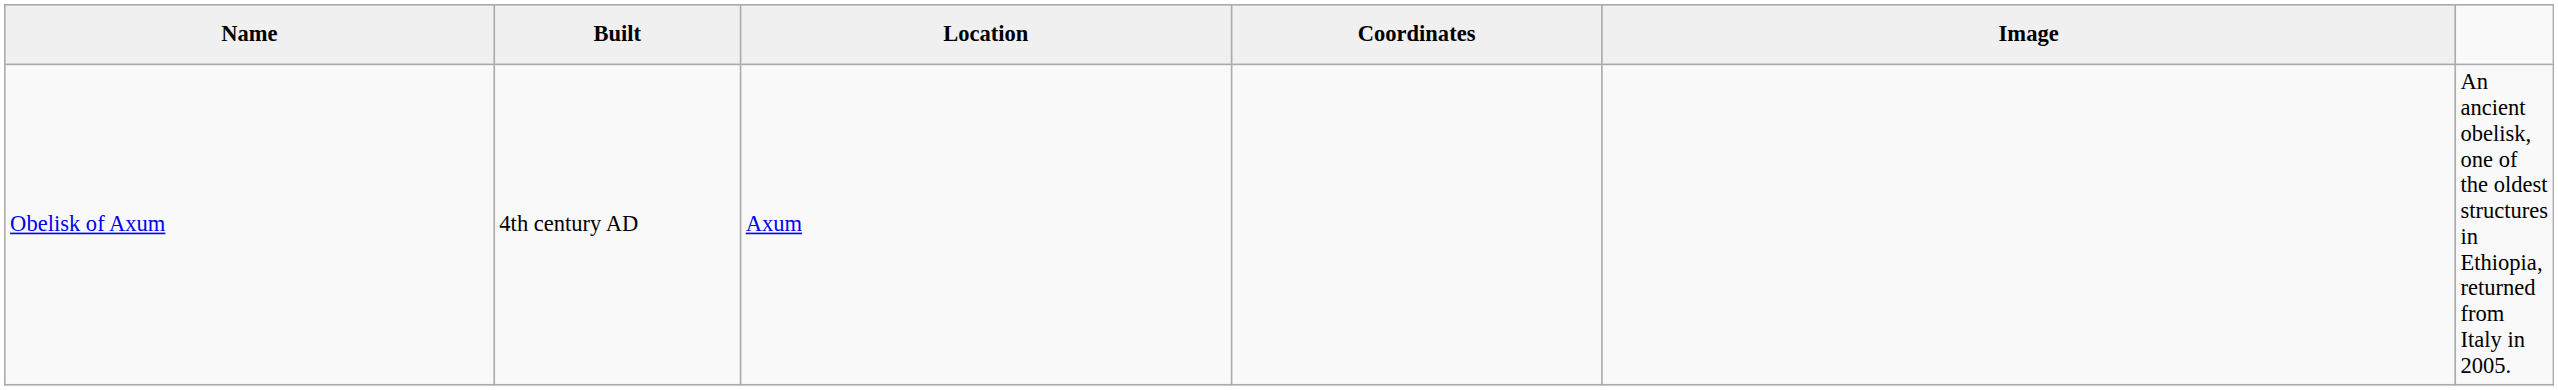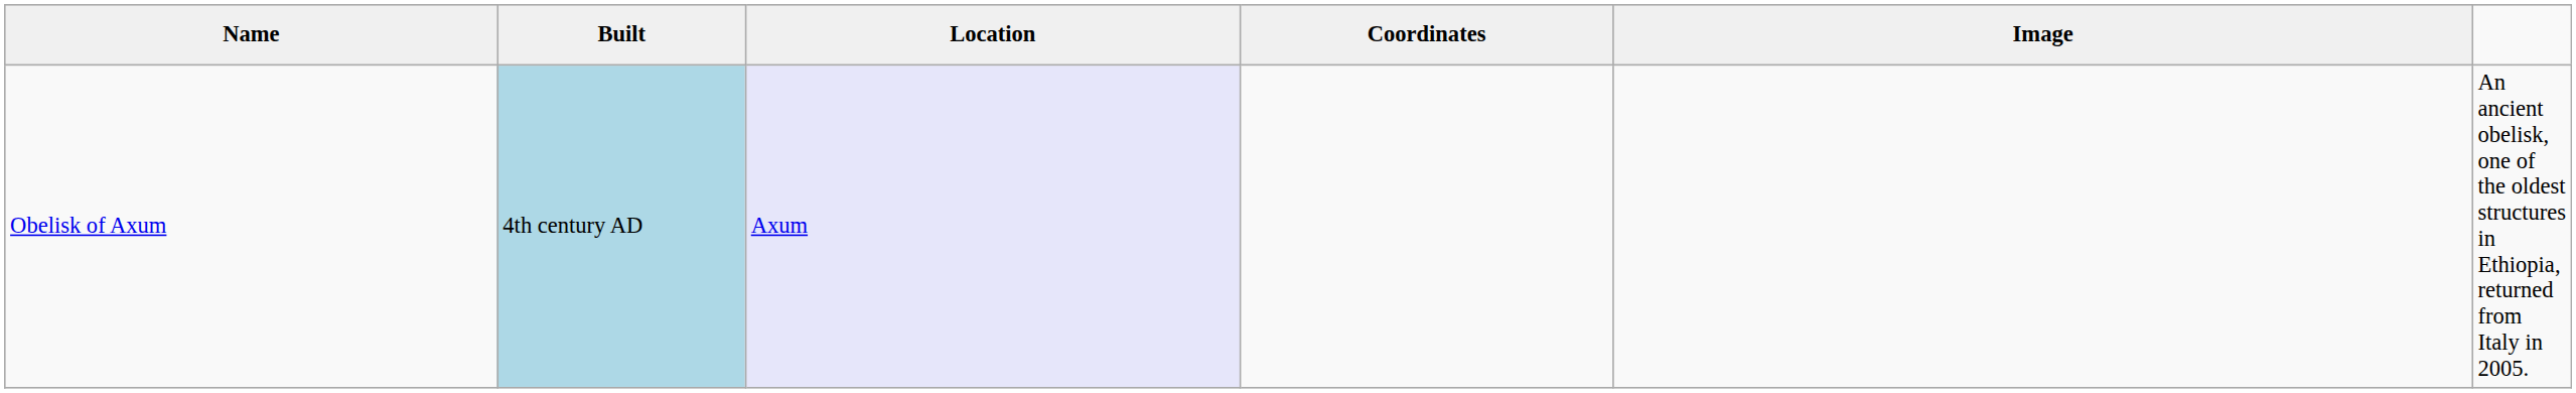 <table class="wikitable" style="width:100%; border-collapse:collapse; text-align:left; font-size:14px; margin-bottom:20px;">
 <tr>
 <th style="padding:10px; background-color:#f0f0f0; width:20%;">Name</th>
 <th style="padding:10px; background-color:#f0f0f0; width:10%;">Built</th>
 <th style="padding:10px; background-color:#f0f0f0; width:20%;">Location</th>
 <th style="padding:10px; background-color:#f0f0f0; width:15%;">Coordinates</th>
 <th style="padding:10px; background-color:#f0f0f0; width:35%;">Image</th>
 </tr>
 <tr>
 <td><a href='#'>Obelisk of Axum</a></td>
-<td>4th century AD</td>
-<td><a href='#'>Axum</a></td>
+<td style="background: lightblue;">4th century AD</td>
+<td style="background: lavender;"><a href='#'>Axum</a></td>
 <td></td>
 <td></td>
 <td>An ancient obelisk, one of the oldest structures in Ethiopia, returned from Italy in 2005.</td>
 </tr>
 </table>
